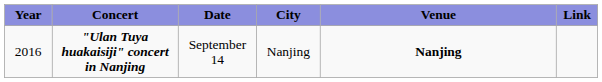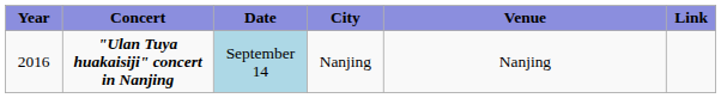 <table class="wikitable sortable mw-collapsible" width="80%" style="text-align:center">
 <tr align="center" style="background:#8B8EDE">
 <td style="width:2%"><strong>Year</strong></td>
 <td style="width:8%"><strong>Concert</strong></td>
 <td style="width:2%"><strong>Date</strong></td>
 <td style="width:2%"><strong>City</strong></td>
 <td style="width:18%"><strong>Venue</strong></td>
 <td style="width:1%"><strong>Link</strong></td>
 </tr>
 <tr>
 <td rowspan="2">2016</td>
 <td rowspan="2"><strong><em>"Ulan Tuya huakaisiji" concert in Nanjing</em></strong></td>
-<td>September 14</td>
+<td style="background: lightblue;">September 14</td>
 <td>Nanjing</td>
-<td><strong>Nanjing</strong></td>
+<td>Nanjing</td>
 <td></td>
 </tr>
 </table>
